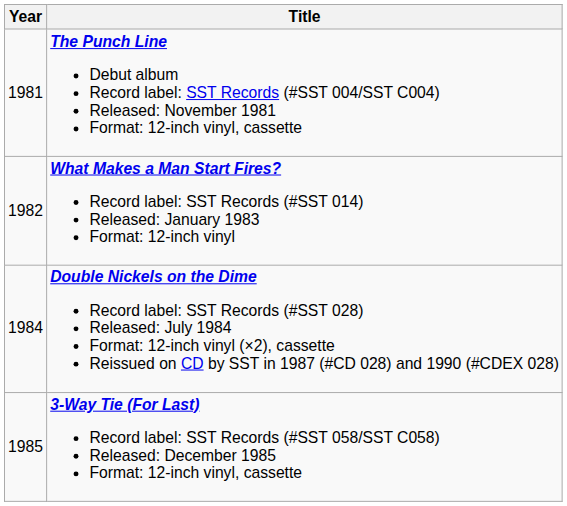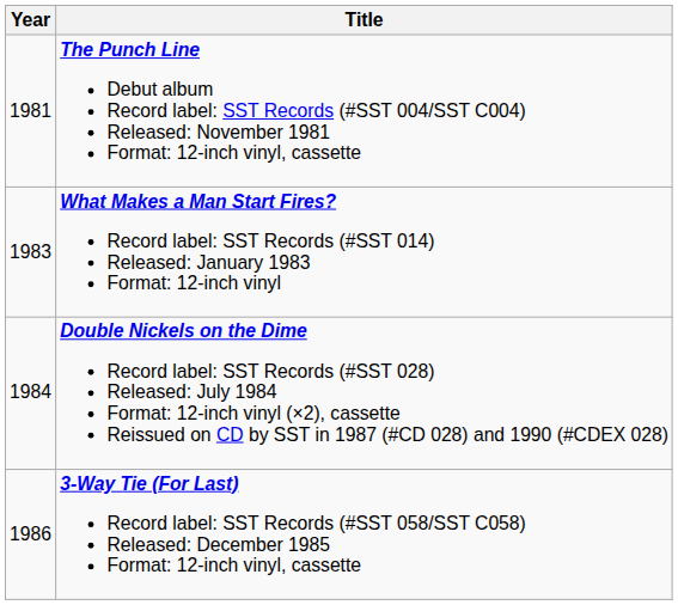 <table class="wikitable">
 <tr>
 <th>Year</th>
 <th>Title</th>
 </tr>
 <tr>
 <td>1981</td>
 <td><strong><em><a href='#'>The Punch Line</a></em></strong><br><ul><li>Debut album</li><li>Record label: <a href='#'>SST Records</a> (#SST 004/SST C004)</li><li>Released: November 1981</li><li>Format: 12-inch vinyl, cassette</li></ul></td>
 </tr>
 <tr>
-<td>1982</td>
+<td>1983</td>
 <td><strong><em><a href='#'>What Makes a Man Start Fires?</a></em></strong><br><ul><li>Record label: SST Records (#SST 014)</li><li>Released: January 1983</li><li>Format: 12-inch vinyl</li></ul></td>
 </tr>
 <tr>
 <td>1984</td>
 <td><strong><em><a href='#'>Double Nickels on the Dime</a></em></strong><br><ul><li>Record label: SST Records (#SST 028)</li><li>Released: July 1984</li><li>Format: 12-inch vinyl (×2), cassette</li><li>Reissued on <a href='#'>CD</a> by SST in 1987 (#CD 028) and 1990 (#CDEX 028)</li></ul></td>
 </tr>
 <tr>
-<td>1985</td>
+<td>1986</td>
 <td><strong><em><a href='#'>3-Way Tie (For Last)</a></em></strong><br><ul><li>Record label: SST Records (#SST 058/SST C058)</li><li>Released: December 1985</li><li>Format: 12-inch vinyl, cassette</li></ul></td>
 </tr>
 </table>
